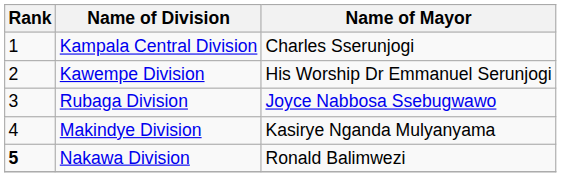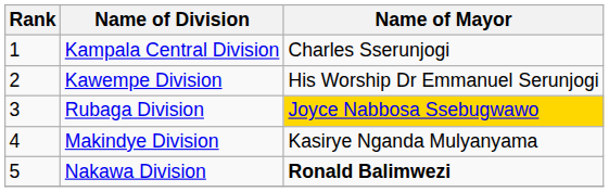 <table class="wikitable sortable" style="margin: 0.5em auto">
 <tr>
 <th>Rank</th>
 <th>Name of Division</th>
 <th>Name of Mayor</th>
 </tr>
 <tr>
 <td>1</td>
 <td><a href='#'>Kampala Central Division</a></td>
 <td>Charles Sserunjogi</td>
 </tr>
 <tr>
 <td>2</td>
 <td><a href='#'>Kawempe Division</a></td>
 <td>His Worship Dr Emmanuel Serunjogi</td>
 </tr>
 <tr>
 <td>3</td>
 <td><a href='#'>Rubaga Division</a></td>
-<td><a href='#'>Joyce Nabbosa Ssebugwawo</a></td>
+<td style="background: gold;"><a href='#'>Joyce Nabbosa Ssebugwawo</a></td>
 </tr>
 <tr>
 <td>4</td>
 <td><a href='#'>Makindye Division</a></td>
 <td>Kasirye Nganda Mulyanyama</td>
 </tr>
 <tr>
-<td><strong>5</strong></td>
+<td>5</td>
 <td><a href='#'>Nakawa Division</a></td>
-<td>Ronald Balimwezi</td>
+<td><strong>Ronald Balimwezi</strong></td>
 </tr>
 <tr>
 </tr>
 </table>
